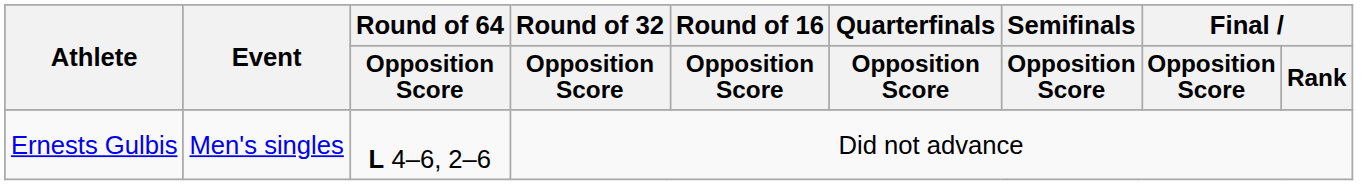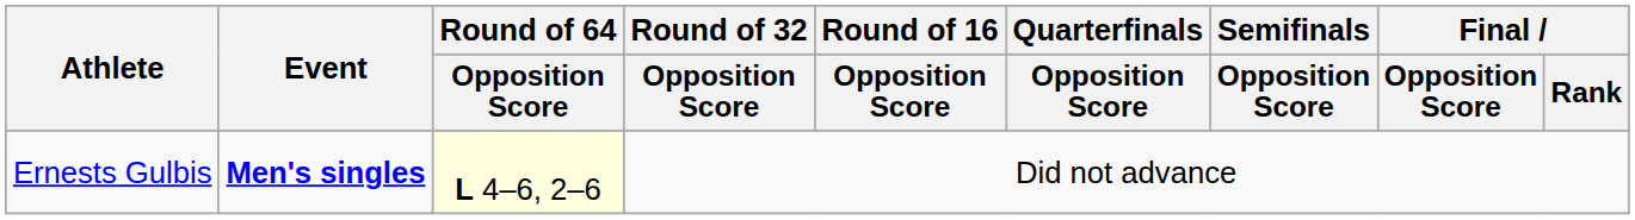 <table class=wikitable style="font-size:90%">
 <tr>
 <th rowspan="2">Athlete</th>
 <th rowspan="2">Event</th>
 <th>Round of 64</th>
 <th>Round of 32</th>
 <th>Round of 16</th>
 <th>Quarterfinals</th>
 <th>Semifinals</th>
 <th colspan=2>Final / </th>
 </tr>
 <tr style="font-size:95%">
 <th>Opposition<br>Score</th>
 <th>Opposition<br>Score</th>
 <th>Opposition<br>Score</th>
 <th>Opposition<br>Score</th>
 <th>Opposition<br>Score</th>
 <th>Opposition<br>Score</th>
 <th>Rank</th>
 </tr>
 <tr align=center>
 <td align=left><a href='#'>Ernests Gulbis</a></td>
-<td align=left><a href='#'>Men's singles</a></td>
-<td><br><strong>L</strong> 4–6, 2–6</td>
+<td align=left><strong><a href='#'>Men's singles</a></strong></td>
+<td style="background: lightyellow;"><br><strong>L</strong> 4–6, 2–6</td>
 <td colspan=6>Did not advance</td>
 </tr>
 </table>
